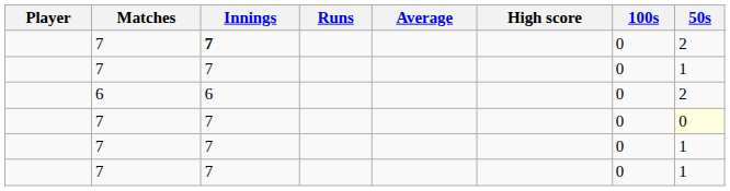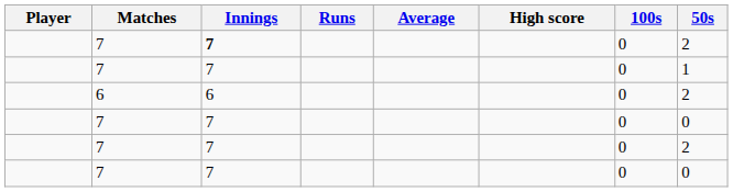 <table class="wikitable sortable" style="width:80%;">
 <tr>
 <th>Player</th>
 <th>Matches</th>
 <th><a href='#'>Innings</a></th>
 <th><a href='#'>Runs</a></th>
 <th><a href='#'>Average</a></th>
 <th>High score</th>
 <th><a href='#'>100s</a></th>
 <th><a href='#'>50s</a></th>
 </tr>
 <tr>
 <td></td>
 <td>7</td>
 <td><strong>7</strong></td>
 <td></td>
 <td></td>
 <td></td>
 <td>0</td>
 <td>2</td>
 </tr>
 <tr>
 <td></td>
 <td>7</td>
 <td>7</td>
 <td></td>
 <td></td>
 <td></td>
 <td>0</td>
 <td>1</td>
 </tr>
 <tr>
 <td></td>
 <td>6</td>
 <td>6</td>
 <td></td>
 <td></td>
 <td></td>
 <td>0</td>
 <td>2</td>
 </tr>
 <tr>
 <td></td>
 <td>7</td>
 <td>7</td>
 <td></td>
 <td></td>
 <td></td>
 <td>0</td>
-<td style="background: lightyellow;">0</td>
+<td>0</td>
 </tr>
 <tr>
 <td></td>
 <td>7</td>
 <td>7</td>
 <td></td>
 <td></td>
 <td></td>
 <td>0</td>
-<td>1</td>
+<td>2</td>
 </tr>
 <tr>
 <td></td>
 <td>7</td>
 <td>7</td>
 <td></td>
 <td></td>
 <td></td>
 <td>0</td>
-<td>1</td>
+<td>0</td>
 </tr>
 </table>
